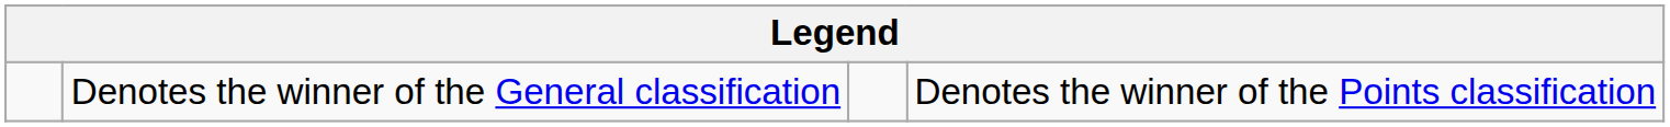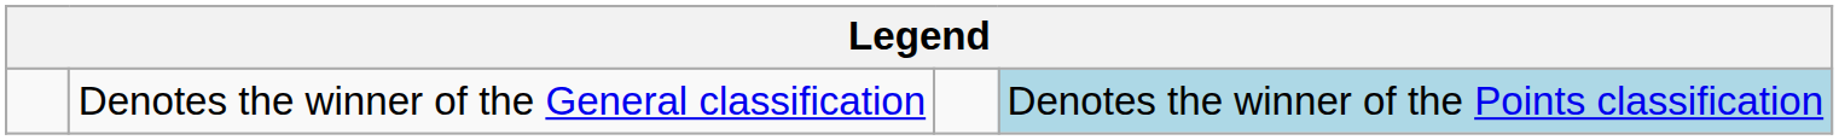 <table class="wikitable">
 <tr>
 <th colspan=4>Legend</th>
 </tr>
 <tr>
 <td>    </td>
 <td>Denotes the winner of the <a href='#'>General classification</a></td>
 <td>    </td>
-<td>Denotes the winner of the <a href='#'>Points classification</a></td>
+<td style="background: lightblue;">Denotes the winner of the <a href='#'>Points classification</a></td>
 </tr>
 </table>
